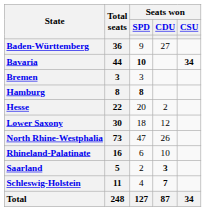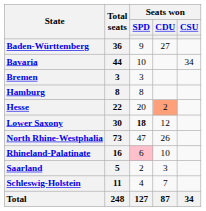 <table class="wikitable" style="text-align:center; font-size: 0.9em;">
 <tr>
 <th rowspan="3">State</th>
 <th rowspan="3">Total<br>seats</th>
 <th colspan="3">Seats won</th>
 </tr>
 <tr>
 <th class="unsortable" style="width:30px;"><a href='#'>SPD</a></th>
 <th class="unsortable" style="width:30px;"><a href='#'>CDU</a></th>
 <th class="unsortable" style="width:30px;"><a href='#'>CSU</a></th>
 </tr>
 <tr>
 <th style="background:"></th>
 <th style="background:"></th>
 <th style="background:"></th>
 </tr>
 <tr>
 <th style="text-align: left;"><a href='#'>Baden-Württemberg</a></th>
 <th>36</th>
 <td>9</td>
 <td>27</td>
 <td></td>
 </tr>
 <tr>
 <th style="text-align: left;"><a href='#'>Bavaria</a></th>
 <th>44</th>
-<td><strong>10</strong></td>
+<td>10</td>
 <td></td>
-<td><strong>34</strong></td>
+<td>34</td>
 </tr>
 <tr>
 <th style="text-align: left;"><a href='#'>Bremen</a></th>
 <th>3</th>
 <td>3</td>
 <td></td>
 <td></td>
 </tr>
 <tr>
 <th style="text-align: left;"><a href='#'>Hamburg</a></th>
 <th>8</th>
-<td><strong>8</strong></td>
+<td>8</td>
 <td></td>
 <td></td>
 </tr>
 <tr>
 <th style="text-align: left;"><a href='#'>Hesse</a></th>
 <th>22</th>
 <td>20</td>
-<td>2</td>
+<td style="background: lightsalmon;">2</td>
 <td></td>
 </tr>
 <tr>
 <th style="text-align: left;"><a href='#'>Lower Saxony</a></th>
 <th>30</th>
-<td>18</td>
+<td><strong>18</strong></td>
 <td>12</td>
 <td></td>
 </tr>
 <tr>
 <th style="text-align: left;"><a href='#'>North Rhine-Westphalia</a></th>
 <th>73</th>
 <td>47</td>
 <td>26</td>
 <td></td>
 </tr>
 <tr>
 <th style="text-align: left;"><a href='#'>Rhineland-Palatinate</a></th>
 <th>16</th>
-<td>6</td>
+<td style="background: pink;">6</td>
 <td>10</td>
 <td></td>
 </tr>
 <tr>
 <th style="text-align: left;"><a href='#'>Saarland</a></th>
 <th>5</th>
 <td>2</td>
-<td><strong>3</strong></td>
+<td>3</td>
 <td></td>
 </tr>
 <tr>
 <th style="text-align: left;"><a href='#'>Schleswig-Holstein</a></th>
 <th>11</th>
 <td>4</td>
-<td><strong>7</strong></td>
+<td>7</td>
 <td></td>
 </tr>
 <tr class="sortbottom">
 <th style="text-align: left;">Total</th>
 <th>248</th>
 <th>127</th>
 <th>87</th>
 <th>34</th>
 </tr>
 </table>
